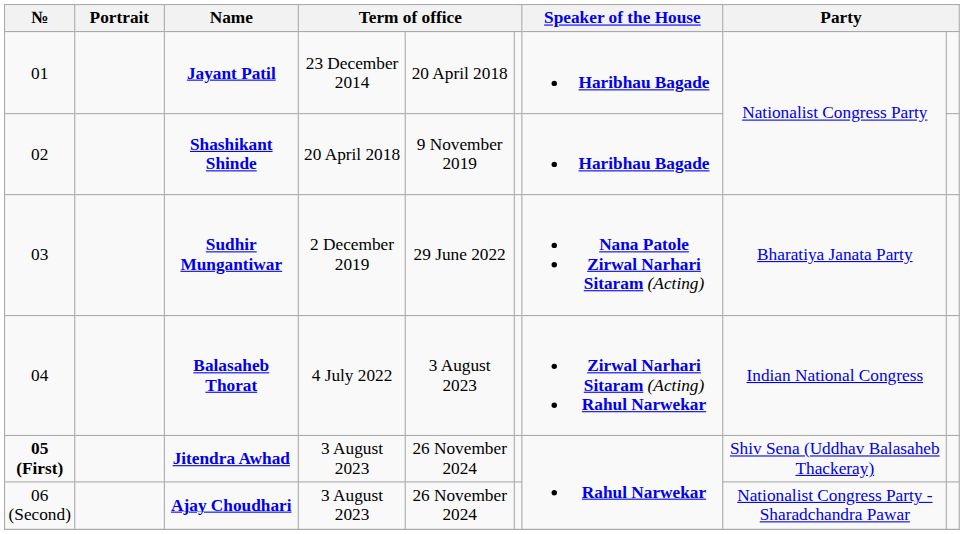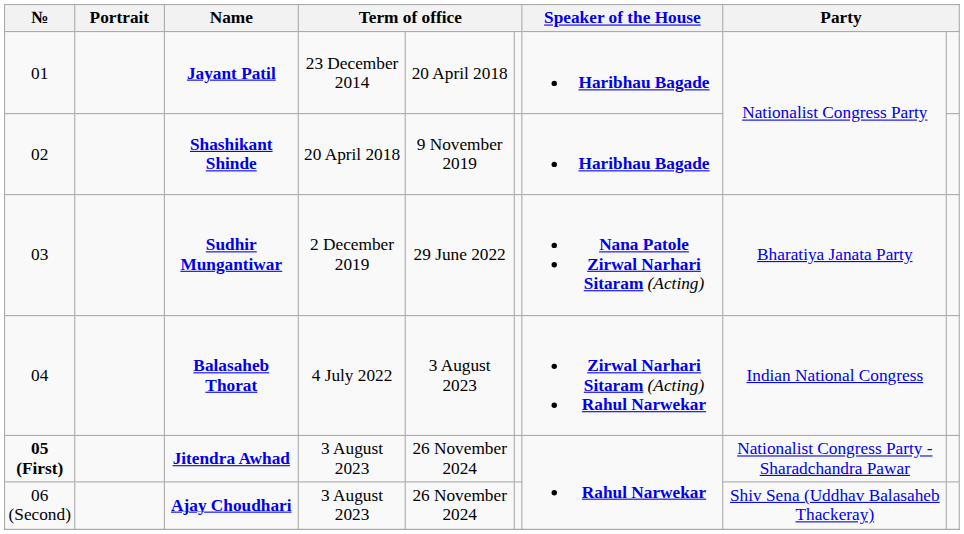 <table class="wikitable sortable" style="width:70%;">
 <tr align=center>
 <th>№</th>
 <th width="75">Portrait</th>
 <th>Name</th>
 <th colspan="3">Term of office</th>
 <th><a href='#'>Speaker of the House</a></th>
 <th colspan=2>Party</th>
 </tr>
 <tr align=center>
 <td>01</td>
 <td></td>
 <td><strong><a href='#'>Jayant Patil</a></strong></td>
 <td>23 December 2014</td>
 <td>20 April 2018</td>
 <td></td>
 <td><br><ul><li><strong><a href='#'>Haribhau Bagade</a></strong></li></ul></td>
 <td rowspan="2"><a href='#'>Nationalist Congress Party</a></td>
 <td width="4px"></td>
 </tr>
 <tr align=center>
 <td>02</td>
 <td></td>
 <td><strong><a href='#'>Shashikant Shinde</a></strong></td>
 <td>20 April 2018</td>
 <td>9 November 2019</td>
 <td></td>
 <td><br><ul><li><strong><a href='#'>Haribhau Bagade</a></strong></li></ul></td>
 </tr>
 <tr align=center>
 <td>03</td>
 <td></td>
 <td><strong><a href='#'>Sudhir Mungantiwar</a></strong></td>
 <td>2 December 2019</td>
 <td>29 June 2022</td>
 <td></td>
 <td><br><ul><li><strong><a href='#'>Nana Patole</a></strong></li><li><strong><a href='#'>Zirwal Narhari Sitaram</a></strong>  <em>(Acting)</em></li></ul></td>
 <td rowspan="1"><a href='#'>Bharatiya Janata Party</a></td>
 <td width="4px"></td>
 </tr>
 <tr align=center>
 <td>04</td>
 <td></td>
 <td><strong><a href='#'>Balasaheb Thorat</a></strong></td>
 <td>4 July 2022</td>
 <td>3 August 2023</td>
 <td></td>
 <td><br><ul><li><strong><a href='#'>Zirwal Narhari Sitaram</a></strong>  <em>(Acting)</em></li><li><strong><a href='#'>Rahul Narwekar</a></strong></li></ul></td>
 <td rowspan="1"><a href='#'>Indian National Congress</a></td>
 <td width="4px"></td>
 </tr>
 <tr align=center>
 <td><strong>05<br> (First)</strong></td>
 <td></td>
 <td><strong><a href='#'>Jitendra Awhad</a></strong></td>
 <td>3 August 2023</td>
 <td>26 November 2024</td>
 <td></td>
 <td rowspan=2><br><ul><li><strong><a href='#'>Rahul Narwekar</a></strong></li></ul></td>
-<td rowspan="1"><a href='#'>Shiv Sena (Uddhav Balasaheb Thackeray)</a></td>
+<td rowspan="1"><a href='#'>Nationalist Congress Party - Sharadchandra Pawar</a></td>
 <td width="4px"></td>
 </tr>
 <tr align=center>
 <td>06 <br>(Second)</td>
 <td></td>
 <td><strong><a href='#'>Ajay Choudhari</a></strong></td>
 <td>3 August 2023</td>
 <td>26 November 2024</td>
 <td></td>
-<td rowspan="1"><a href='#'>Nationalist Congress Party - Sharadchandra Pawar</a></td>
+<td rowspan="1"><a href='#'>Shiv Sena (Uddhav Balasaheb Thackeray)</a></td>
 <td width="4px"></td>
 </tr>
 <tr align=center>
 </tr>
 </table>
